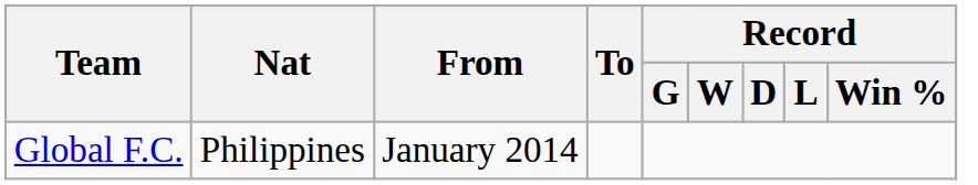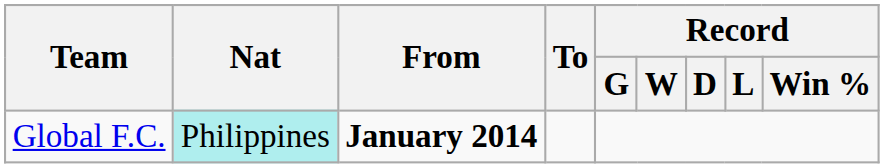 <table class="wikitable" style="text-align: center">
 <tr>
 <th rowspan="2">Team</th>
 <th rowspan="2">Nat</th>
 <th rowspan="2">From</th>
 <th rowspan="2">To</th>
 <th colspan="5">Record</th>
 </tr>
 <tr>
 <th>G</th>
 <th>W</th>
 <th>D</th>
 <th>L</th>
 <th>Win %</th>
 </tr>
 <tr>
 <td align=left><a href='#'>Global F.C.</a></td>
-<td>Philippines</td>
-<td align=left>January 2014</td>
+<td style="background: paleturquoise;">Philippines</td>
+<td align=left><strong>January 2014</strong></td>
 <td align=left><br></td>
 </tr>
 </table>
